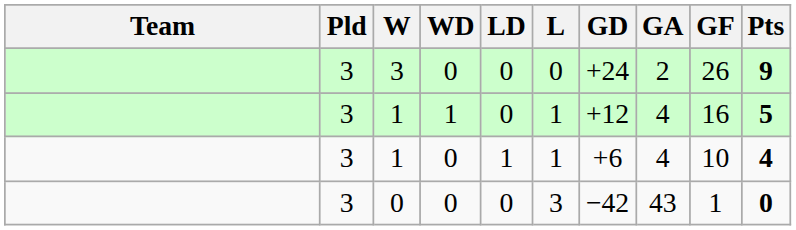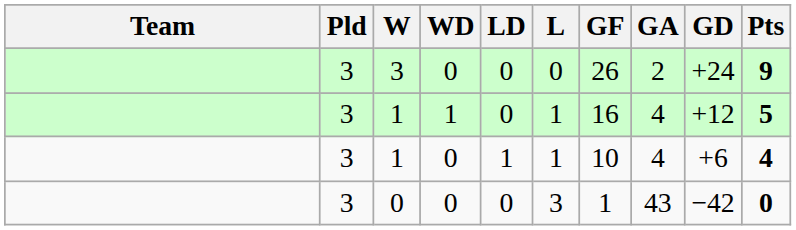 <table class="wikitable" style="text-align:center">
 <tr>
 <th width=175>Team</th>
 <th width=20>Pld</th>
 <th width=20>W</th>
 <th width=20>WD</th>
 <th width=20>LD</th>
 <th width=20>L</th>
+<th width=20>GF</th>
+<th width=20>GA</th>
 <th width=20>GD</th>
-<th width=20>GA</th>
-<th width=20>GF</th>
 <th width=20>Pts</th>
 </tr>
 <tr bgcolor=ccffcc>
 <td align=left></td>
 <td>3</td>
 <td>3</td>
 <td>0</td>
 <td>0</td>
 <td>0</td>
+<td>26</td>
+<td>2</td>
 <td>+24</td>
-<td>2</td>
-<td>26</td>
 <td><strong>9</strong></td>
 </tr>
 <tr bgcolor=ccffcc>
 <td align=left></td>
 <td>3</td>
 <td>1</td>
 <td>1</td>
 <td>0</td>
 <td>1</td>
+<td>16</td>
+<td>4</td>
 <td>+12</td>
-<td>4</td>
-<td>16</td>
 <td><strong>5</strong></td>
 </tr>
 <tr>
 <td align=left></td>
 <td>3</td>
 <td>1</td>
 <td>0</td>
 <td>1</td>
 <td>1</td>
+<td>10</td>
+<td>4</td>
 <td>+6</td>
-<td>4</td>
-<td>10</td>
 <td><strong>4</strong></td>
 </tr>
 <tr>
 <td align=left></td>
 <td>3</td>
 <td>0</td>
 <td>0</td>
 <td>0</td>
 <td>3</td>
+<td>1</td>
+<td>43</td>
 <td>−42</td>
-<td>43</td>
-<td>1</td>
 <td><strong>0</strong></td>
 </tr>
 </table>
